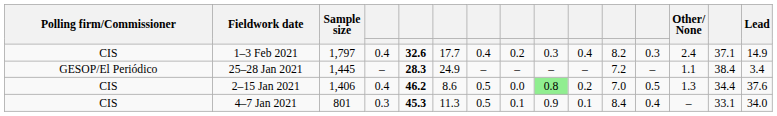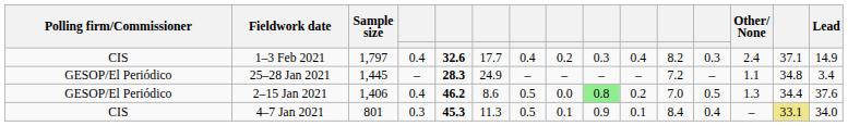 <table class="wikitable collapsible collapsed" style="text-align:center; font-size:90%; line-height:14px;">
 <tr style="height:42px;">
 <th style="width:250px;" rowspan="2">Polling firm/Commissioner</th>
 <th style="width:125px;" rowspan="2">Fieldwork date</th>
 <th style="width:50px;" rowspan="2">Sample size</th>
 <th style="width:35px;"></th>
 <th style="width:35px;"></th>
 <th style="width:35px;"></th>
 <th style="width:35px;"></th>
 <th style="width:35px;"></th>
 <th style="width:35px;"></th>
 <th style="width:35px;"></th>
 <th style="width:35px;"></th>
 <th style="width:35px;"></th>
 <th style="width:35px;" rowspan="2">Other/<br>None</th>
 <th style="width:35px;" rowspan="2"></th>
 <th style="width:30px;" rowspan="2">Lead</th>
 </tr>
 <tr>
 <th style="color:inherit;background:"></th>
 <th style="color:inherit;background:"></th>
 <th style="color:inherit;background:"></th>
 <th style="color:inherit;background:"></th>
 <th style="color:inherit;background:"></th>
 <th style="color:inherit;background:"></th>
 <th style="color:inherit;background:"></th>
 <th style="color:inherit;background:"></th>
 <th style="color:inherit;background:"></th>
 </tr>
 <tr>
 <td>CIS</td>
 <td>1–3 Feb 2021</td>
 <td>1,797</td>
 <td>0.4</td>
 <td><strong>32.6</strong></td>
 <td>17.7</td>
 <td>0.4</td>
 <td>0.2</td>
 <td>0.3</td>
 <td>0.4</td>
 <td>8.2</td>
 <td>0.3</td>
 <td>2.4</td>
 <td>37.1</td>
 <td style="background:">14.9</td>
 </tr>
 <tr>
 <td>GESOP/El Periódico</td>
 <td>25–28 Jan 2021</td>
 <td>1,445</td>
 <td>–</td>
 <td><strong>28.3</strong></td>
 <td>24.9</td>
 <td>–</td>
 <td>–</td>
 <td>–</td>
 <td>–</td>
 <td>7.2</td>
 <td>–</td>
 <td>1.1</td>
-<td>38.4</td>
+<td>34.8</td>
 <td style="background:">3.4</td>
 </tr>
 <tr>
-<td>CIS</td>
+<td>GESOP/El Periódico</td>
 <td>2–15 Jan 2021</td>
 <td>1,406</td>
 <td>0.4</td>
 <td><strong>46.2</strong></td>
 <td>8.6</td>
 <td>0.5</td>
 <td>0.0</td>
 <td style="background: lightgreen;">0.8</td>
 <td>0.2</td>
 <td>7.0</td>
 <td>0.5</td>
 <td>1.3</td>
 <td>34.4</td>
 <td style="background:">37.6</td>
 </tr>
 <tr>
 <td>CIS</td>
 <td>4–7 Jan 2021</td>
 <td>801</td>
 <td>0.3</td>
 <td><strong>45.3</strong></td>
 <td>11.3</td>
 <td>0.5</td>
 <td>0.1</td>
 <td>0.9</td>
 <td>0.1</td>
 <td>8.4</td>
 <td>0.4</td>
 <td>–</td>
-<td>33.1</td>
+<td style="background: khaki;">33.1</td>
 <td style="background:">34.0</td>
 </tr>
 </table>
